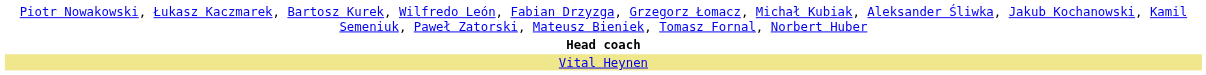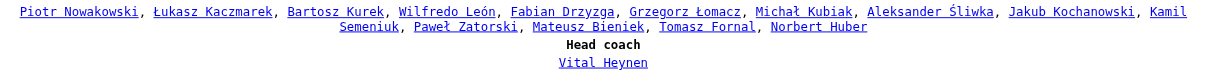 <table style="text-align: center; margin-top: 2em; margin-left: auto; margin-right: auto">
 <tr>
 <td><a href='#'>Piotr Nowakowski</a>, <a href='#'>Łukasz Kaczmarek</a>, <a href='#'>Bartosz Kurek</a>, <a href='#'>Wilfredo León</a>, <a href='#'>Fabian Drzyzga</a>, <a href='#'>Grzegorz Łomacz</a>, <a href='#'>Michał Kubiak</a>, <a href='#'>Aleksander Śliwka</a>, <a href='#'>Jakub Kochanowski</a>, <a href='#'>Kamil Semeniuk</a>, <a href='#'>Paweł Zatorski</a>, <a href='#'>Mateusz Bieniek</a>, <a href='#'>Tomasz Fornal</a>, <a href='#'>Norbert Huber</a></td>
 </tr>
 <tr>
 <td><strong>Head coach</strong></td>
 </tr>
 <tr>
-<td style="background: khaki;"><a href='#'>Vital Heynen</a></td>
+<td><a href='#'>Vital Heynen</a></td>
 </tr>
 </table>
